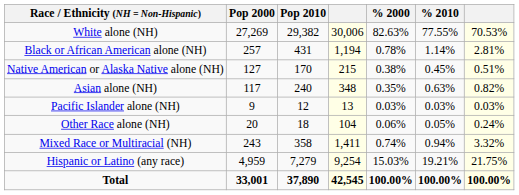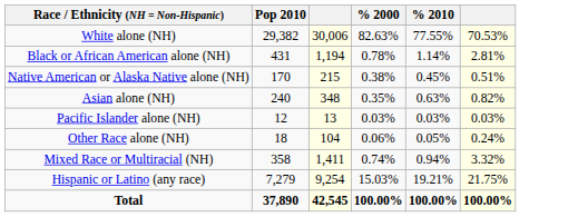 <table class="wikitable" style="text-align:center;">
 <tr>
 <th>Race / Ethnicity <small>(<em>NH = Non-Hispanic</em>)</small></th>
-<th>Pop 2000</th>
 <th>Pop 2010</th>
 <th></th>
 <th>% 2000</th>
 <th>% 2010</th>
 <th></th>
 </tr>
 <tr>
 <td><a href='#'>White</a> alone (NH)</td>
-<td>27,269</td>
 <td>29,382</td>
 <td style='background: #ffffe6;'>30,006</td>
 <td>82.63%</td>
 <td>77.55%</td>
 <td style='background: #ffffe6;'>70.53%</td>
 </tr>
 <tr>
 <td><a href='#'>Black or African American</a> alone (NH)</td>
-<td>257</td>
 <td>431</td>
 <td style='background: #ffffe6;'>1,194</td>
 <td>0.78%</td>
 <td>1.14%</td>
 <td style='background: #ffffe6;'>2.81%</td>
 </tr>
 <tr>
 <td><a href='#'>Native American</a> or <a href='#'>Alaska Native</a> alone (NH)</td>
-<td>127</td>
 <td>170</td>
 <td style='background: #ffffe6;'>215</td>
 <td>0.38%</td>
 <td>0.45%</td>
 <td style='background: #ffffe6;'>0.51%</td>
 </tr>
 <tr>
 <td><a href='#'>Asian</a> alone (NH)</td>
-<td>117</td>
 <td>240</td>
 <td style='background: #ffffe6;'>348</td>
 <td>0.35%</td>
 <td>0.63%</td>
 <td style='background: #ffffe6;'>0.82%</td>
 </tr>
 <tr>
 <td><a href='#'>Pacific Islander</a> alone (NH)</td>
-<td>9</td>
 <td>12</td>
 <td style='background: #ffffe6;'>13</td>
 <td>0.03%</td>
 <td>0.03%</td>
 <td style='background: #ffffe6;'>0.03%</td>
 </tr>
 <tr>
 <td><a href='#'>Other Race</a> alone (NH)</td>
-<td>20</td>
 <td>18</td>
 <td style='background: #ffffe6;'>104</td>
 <td>0.06%</td>
 <td>0.05%</td>
 <td style='background: #ffffe6;'>0.24%</td>
 </tr>
 <tr>
 <td><a href='#'>Mixed Race or Multiracial</a> (NH)</td>
-<td>243</td>
 <td>358</td>
 <td style='background: #ffffe6;'>1,411</td>
 <td>0.74%</td>
 <td>0.94%</td>
 <td style='background: #ffffe6;'>3.32%</td>
 </tr>
 <tr>
 <td><a href='#'>Hispanic or Latino</a> (any race)</td>
-<td>4,959</td>
 <td>7,279</td>
 <td style='background: #ffffe6;'>9,254</td>
 <td>15.03%</td>
 <td>19.21%</td>
 <td style='background: #ffffe6;'>21.75%</td>
 </tr>
 <tr>
 <td><strong>Total</strong></td>
-<td><strong>33,001</strong></td>
 <td><strong>37,890</strong></td>
 <td style='background: #ffffe6;'><strong>42,545</strong></td>
 <td><strong>100.00%</strong></td>
 <td><strong>100.00%</strong></td>
 <td style='background: #ffffe6;'><strong>100.00%</strong></td>
 </tr>
 </table>
